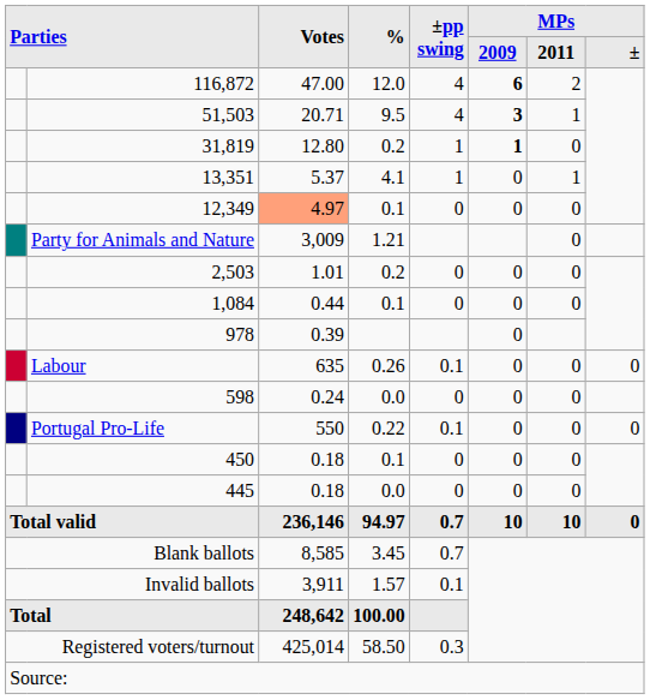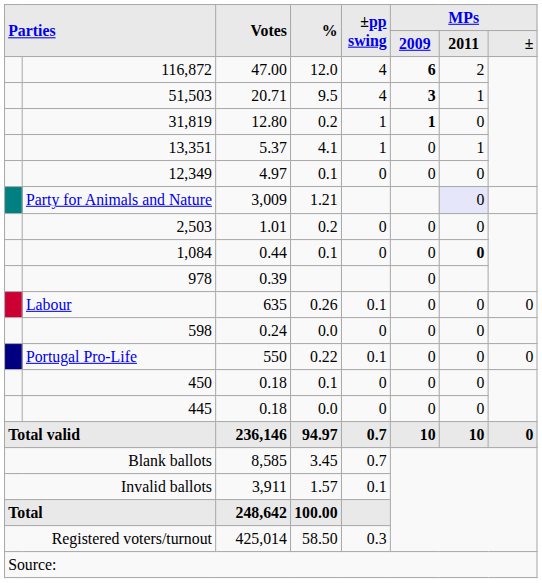 <table class="wikitable" style="text-align:right; font-size:95%;">
 <tr>
 <th rowspan="2" colspan="2" style="background:#e9e9e9; text-align:left;" alignleft><a href='#'>Parties</a></th>
 <th rowspan="2" style="background:#e9e9e9; text-align:right;">Votes</th>
 <th rowspan="2" style="background:#e9e9e9; text-align:right;">%</th>
 <th rowspan="2" style="background:#e9e9e9; text-align:right;">±<a href='#'>pp</a> <a href='#'>swing</a></th>
 <th colspan="3" style="background:#e9e9e9; text-align:center;"><a href='#'>MPs</a></th>
 </tr>
 <tr style="background-color:#E9E9E9">
 <th style="background-color:#E9E9E9;text-align:center;"><a href='#'>2009</a></th>
 <th style="background-color:#E9E9E9;text-align:center;">2011</th>
 <th style="background:#e9e9e9; text-align:right;">±</th>
 </tr>
 <tr>
 <td></td>
 <td>116,872</td>
 <td>47.00</td>
 <td>12.0</td>
 <td>4</td>
 <td><strong>6</strong></td>
 <td>2</td>
 </tr>
 <tr>
 <td></td>
 <td>51,503</td>
 <td>20.71</td>
 <td>9.5</td>
 <td>4</td>
 <td><strong>3</strong></td>
 <td>1</td>
 </tr>
 <tr>
 <td></td>
 <td>31,819</td>
 <td>12.80</td>
 <td>0.2</td>
 <td>1</td>
 <td><strong>1</strong></td>
 <td>0</td>
 </tr>
 <tr>
 <td></td>
 <td>13,351</td>
 <td>5.37</td>
 <td>4.1</td>
 <td>1</td>
 <td>0</td>
 <td>1</td>
 </tr>
 <tr>
 <td></td>
 <td>12,349</td>
-<td style="background: lightsalmon;">4.97</td>
+<td>4.97</td>
 <td>0.1</td>
 <td>0</td>
 <td>0</td>
 <td>0</td>
 </tr>
 <tr>
 <td style="width: 10px" bgcolor="teal" align="center"></td>
 <td align="left"><a href='#'>Party for Animals and Nature</a></td>
 <td>3,009</td>
 <td>1.21</td>
 <td></td>
 <td></td>
-<td>0</td>
+<td style="background: lavender;">0</td>
 <td></td>
 </tr>
 <tr>
 <td></td>
 <td>2,503</td>
 <td>1.01</td>
 <td>0.2</td>
 <td>0</td>
 <td>0</td>
 <td>0</td>
 </tr>
 <tr>
 <td></td>
 <td>1,084</td>
 <td>0.44</td>
 <td>0.1</td>
 <td>0</td>
 <td>0</td>
-<td>0</td>
+<td><strong>0</strong></td>
 </tr>
 <tr>
 <td></td>
 <td>978</td>
 <td>0.39</td>
 <td></td>
 <td></td>
 <td>0</td>
 <td></td>
 </tr>
 <tr>
 <td style="width: 10px" bgcolor=#CC0033 align="center"></td>
 <td align=left><a href='#'>Labour</a></td>
 <td>635</td>
 <td>0.26</td>
 <td>0.1</td>
 <td>0</td>
 <td>0</td>
 <td>0</td>
 </tr>
 <tr>
 <td></td>
 <td>598</td>
 <td>0.24</td>
 <td>0.0</td>
 <td>0</td>
 <td>0</td>
 <td>0</td>
 </tr>
 <tr>
 <td style="width:10px;background-color:#000080;text-align:center;"></td>
 <td style="text-align:left;"><a href='#'>Portugal Pro-Life</a></td>
 <td>550</td>
 <td>0.22</td>
 <td>0.1</td>
 <td>0</td>
 <td>0</td>
 <td>0</td>
 </tr>
 <tr>
 <td></td>
 <td>450</td>
 <td>0.18</td>
 <td>0.1</td>
 <td>0</td>
 <td>0</td>
 <td>0</td>
 </tr>
 <tr>
 <td></td>
 <td>445</td>
 <td>0.18</td>
 <td>0.0</td>
 <td>0</td>
 <td>0</td>
 <td>0</td>
 </tr>
 <tr>
 <td colspan=2 align=left style="background-color:#E9E9E9"><strong>Total valid</strong></td>
 <td width="65" align="right" style="background-color:#E9E9E9"><strong>236,146</strong></td>
 <td width="40" align="right" style="background-color:#E9E9E9"><strong>94.97</strong></td>
 <td width="40" align="right" style="background-color:#E9E9E9"><strong>0.7</strong></td>
 <td width="40" align="right" style="background-color:#E9E9E9"><strong>10</strong></td>
 <td width="40" align="right" style="background-color:#E9E9E9"><strong>10</strong></td>
 <td width="40" align="right" style="background-color:#E9E9E9"><strong>0</strong></td>
 </tr>
 <tr>
 <td colspan=2>Blank ballots</td>
 <td>8,585</td>
 <td>3.45</td>
 <td>0.7</td>
 <td colspan=4 rowspan=4></td>
 </tr>
 <tr>
 <td colspan=2>Invalid ballots</td>
 <td>3,911</td>
 <td>1.57</td>
 <td>0.1</td>
 </tr>
 <tr>
 <td colspan=2 align=left style="background-color:#E9E9E9"><strong>Total</strong></td>
 <td width="50" align="right" style="background-color:#E9E9E9"><strong>248,642</strong></td>
 <td width="40" align="right" style="background-color:#E9E9E9"><strong>100.00</strong></td>
 <td width="40" align="right" style="background-color:#E9E9E9"></td>
 </tr>
 <tr>
 <td colspan=2>Registered voters/turnout</td>
 <td>425,014</td>
 <td>58.50</td>
 <td>0.3</td>
 </tr>
 <tr>
 <td colspan=11 align=left>Source: </td>
 </tr>
 </table>
